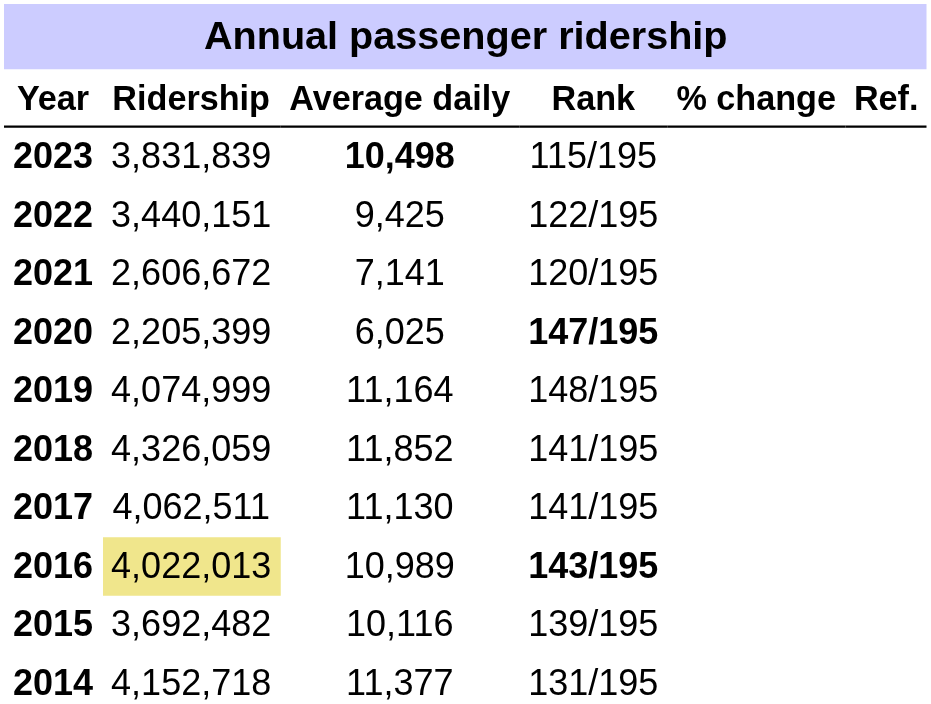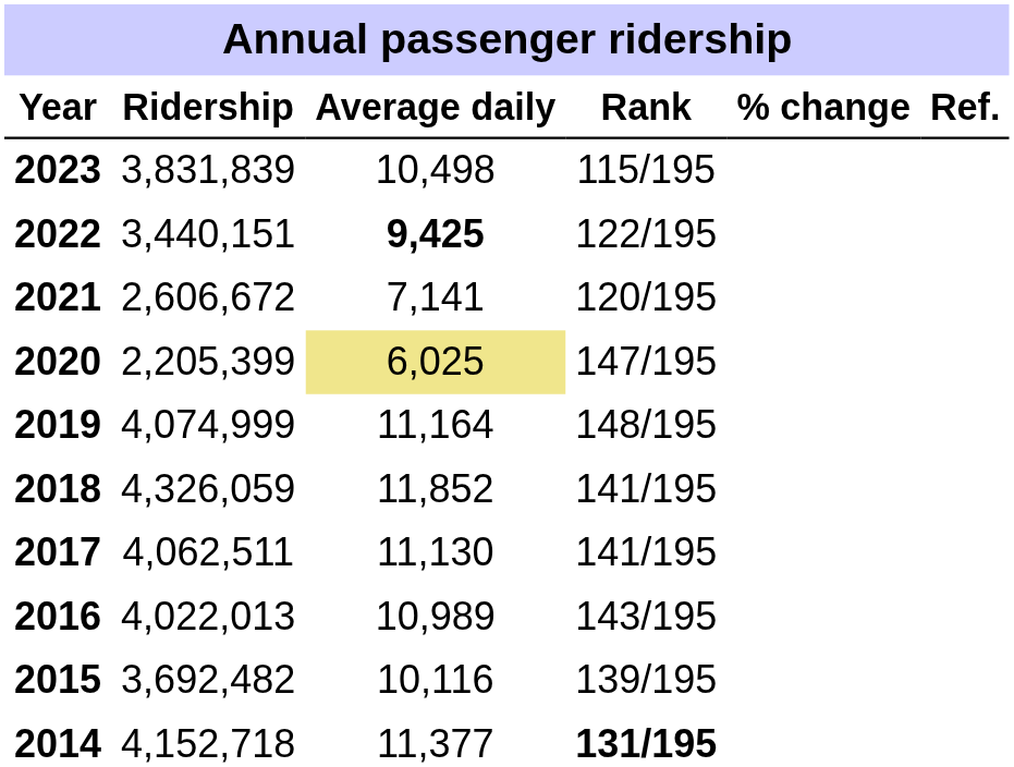 <table class="toccolours" cellpadding="4" cellspacing="0" style="text-align:right;">
 <tr>
 <th colspan="6"  style="background-color:#ccf; background-color:#ccf; font-size:110%; text-align:center;">Annual passenger ridership</th>
 </tr>
 <tr style="font-size:95%; text-align:center">
 <th style="border-bottom:1px solid black">Year</th>
 <th style="border-bottom:1px solid black">Ridership</th>
 <th style="border-bottom:1px solid black">Average daily</th>
 <th style="border-bottom:1px solid black">Rank</th>
 <th style="border-bottom:1px solid black">% change</th>
 <th style="border-bottom:1px solid black">Ref.</th>
 </tr>
 <tr style="text-align:center;">
 <td><strong>2023</strong></td>
 <td>3,831,839</td>
-<td><strong>10,498</strong></td>
+<td>10,498</td>
 <td>115/195</td>
 <td></td>
 <td></td>
 </tr>
 <tr style="text-align:center;">
 <td><strong>2022</strong></td>
 <td>3,440,151</td>
-<td>9,425</td>
+<td><strong>9,425</strong></td>
 <td>122/195</td>
 <td></td>
 <td></td>
 </tr>
 <tr style="text-align:center;">
 <td><strong>2021</strong></td>
 <td>2,606,672</td>
 <td>7,141</td>
 <td>120/195</td>
 <td></td>
 <td></td>
 </tr>
 <tr style="text-align:center;">
 <td><strong>2020</strong></td>
 <td>2,205,399</td>
-<td>6,025</td>
-<td><strong>147/195</strong></td>
+<td style="background: khaki;">6,025</td>
+<td>147/195</td>
 <td></td>
 <td></td>
 </tr>
 <tr style="text-align:center;">
 <td><strong>2019</strong></td>
 <td>4,074,999</td>
 <td>11,164</td>
 <td>148/195</td>
 <td></td>
 <td></td>
 </tr>
 <tr style="text-align:center;">
 <td><strong>2018</strong></td>
 <td>4,326,059</td>
 <td>11,852</td>
 <td>141/195</td>
 <td></td>
 <td></td>
 </tr>
 <tr style="text-align:center;">
 <td><strong>2017</strong></td>
 <td>4,062,511</td>
 <td>11,130</td>
 <td>141/195</td>
 <td></td>
 <td></td>
 </tr>
 <tr style="text-align:center;">
 <td><strong>2016</strong></td>
-<td style="background: khaki;">4,022,013</td>
+<td>4,022,013</td>
 <td>10,989</td>
-<td><strong>143/195</strong></td>
+<td>143/195</td>
 <td></td>
 <td></td>
 </tr>
 <tr style="text-align:center;">
 <td><strong>2015</strong></td>
 <td>3,692,482</td>
 <td>10,116</td>
 <td>139/195</td>
 <td></td>
 <td></td>
 </tr>
 <tr style="text-align:center;">
 <td><strong>2014</strong></td>
 <td>4,152,718</td>
 <td>11,377</td>
-<td>131/195</td>
+<td><strong>131/195</strong></td>
 <td></td>
 <td></td>
 </tr>
 </table>
